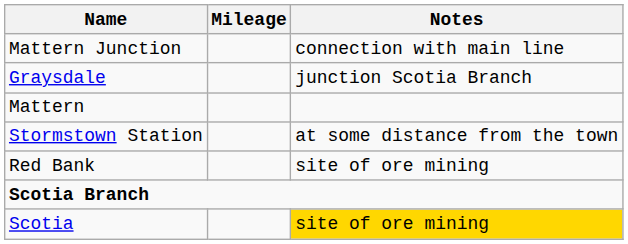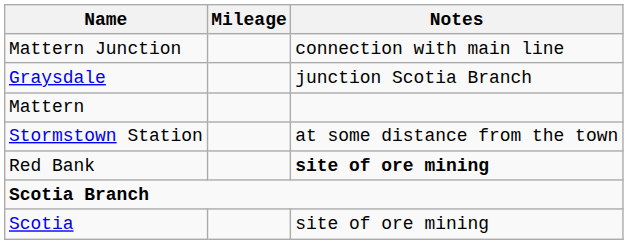 <table class="wikitable">
 <tr>
 <th>Name</th>
 <th>Mileage</th>
 <th>Notes</th>
 </tr>
 <tr>
 <td>Mattern Junction</td>
 <td></td>
 <td>connection with main line</td>
 </tr>
 <tr>
 <td><a href='#'>Graysdale</a></td>
 <td></td>
 <td>junction Scotia Branch</td>
 </tr>
 <tr>
 <td>Mattern</td>
 <td></td>
 <td></td>
 </tr>
 <tr>
 <td><a href='#'>Stormstown</a> Station</td>
 <td></td>
 <td>at some distance from the town</td>
 </tr>
 <tr>
 <td>Red Bank</td>
 <td></td>
-<td>site of ore mining</td>
+<td><strong>site of ore mining</strong></td>
 </tr>
 <tr>
 <td colspan="4" align="left"><strong>Scotia Branch</strong></td>
 </tr>
 <tr>
 <td><a href='#'>Scotia</a></td>
 <td></td>
-<td style="background: gold;">site of ore mining</td>
+<td>site of ore mining</td>
 </tr>
 </table>
